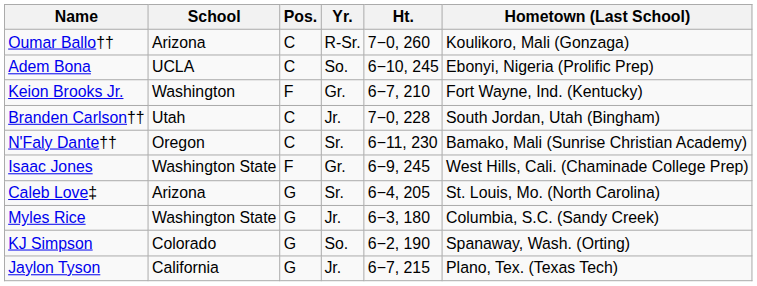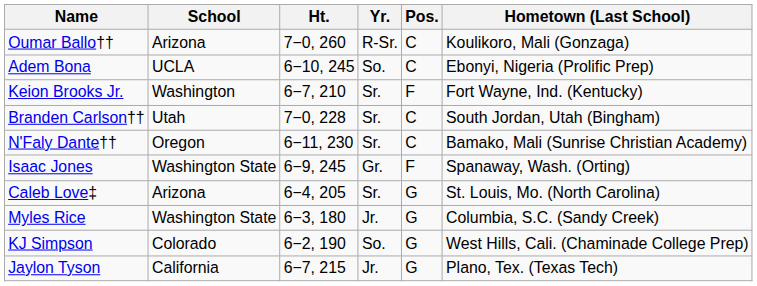 <table class="wikitable">
 <tr>
 <th>Name</th>
 <th>School</th>
+<th>Ht.</th>
+<th>Yr.</th>
 <th>Pos.</th>
-<th>Yr.</th>
-<th>Ht.</th>
 <th>Hometown (Last School)</th>
 </tr>
 <tr>
 <td><a href='#'>Oumar Ballo</a>††</td>
 <td ! style=>Arizona</td>
+<td>7−0, 260</td>
+<td>R-Sr.</td>
 <td>C</td>
-<td>R-Sr.</td>
-<td>7−0, 260</td>
 <td>Koulikoro, Mali (Gonzaga)</td>
 </tr>
 <tr>
 <td><a href='#'>Adem Bona</a></td>
 <td ! style=>UCLA</td>
+<td>6−10, 245</td>
+<td>So.</td>
 <td>C</td>
-<td>So.</td>
-<td>6−10, 245</td>
 <td>Ebonyi, Nigeria (Prolific Prep)</td>
 </tr>
 <tr>
 <td><a href='#'>Keion Brooks Jr.</a></td>
 <td ! style=>Washington</td>
+<td>6−7, 210</td>
+<td>Sr.</td>
 <td>F</td>
-<td>Gr.</td>
-<td>6−7, 210</td>
 <td>Fort Wayne, Ind. (Kentucky)</td>
 </tr>
 <tr>
 <td><a href='#'>Branden Carlson</a>††</td>
 <td ! style=>Utah</td>
+<td>7−0, 228</td>
+<td>Sr.</td>
 <td>C</td>
-<td>Jr.</td>
-<td>7−0, 228</td>
 <td>South Jordan, Utah (Bingham)</td>
 </tr>
 <tr>
 <td><a href='#'>N'Faly Dante</a>††</td>
 <td ! style=>Oregon</td>
+<td>6−11, 230</td>
+<td>Sr.</td>
 <td>C</td>
-<td>Sr.</td>
-<td>6−11, 230</td>
 <td>Bamako, Mali (Sunrise Christian Academy)</td>
 </tr>
 <tr>
 <td><a href='#'>Isaac Jones</a></td>
 <td ! style=>Washington State</td>
+<td>6−9, 245</td>
+<td>Gr.</td>
 <td>F</td>
-<td>Gr.</td>
-<td>6−9, 245</td>
-<td>West Hills, Cali. (Chaminade College Prep)</td>
+<td>Spanaway, Wash. (Orting)</td>
 </tr>
 <tr>
 <td><a href='#'>Caleb Love</a>‡</td>
 <td ! style=>Arizona</td>
+<td>6−4, 205</td>
+<td>Sr.</td>
 <td>G</td>
-<td>Sr.</td>
-<td>6−4, 205</td>
 <td>St. Louis, Mo. (North Carolina)</td>
 </tr>
 <tr>
 <td><a href='#'>Myles Rice</a></td>
 <td ! style=>Washington State</td>
+<td>6−3, 180</td>
+<td>Jr.</td>
 <td>G</td>
-<td>Jr.</td>
-<td>6−3, 180</td>
 <td>Columbia, S.C. (Sandy Creek)</td>
 </tr>
 <tr>
 <td><a href='#'>KJ Simpson</a></td>
 <td ! style=>Colorado</td>
+<td>6−2, 190</td>
+<td>So.</td>
 <td>G</td>
-<td>So.</td>
-<td>6−2, 190</td>
-<td>Spanaway, Wash. (Orting)</td>
+<td>West Hills, Cali. (Chaminade College Prep)</td>
 </tr>
 <tr>
 <td><a href='#'>Jaylon Tyson</a></td>
 <td>California</td>
+<td>6−7, 215</td>
+<td>Jr.</td>
 <td>G</td>
-<td>Jr.</td>
-<td>6−7, 215</td>
 <td>Plano, Tex. (Texas Tech)</td>
 </tr>
 </table>
